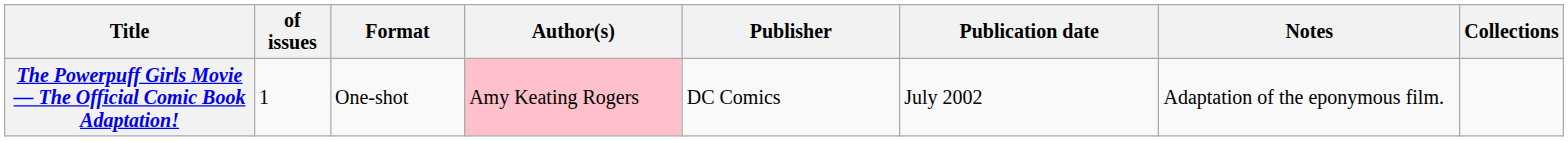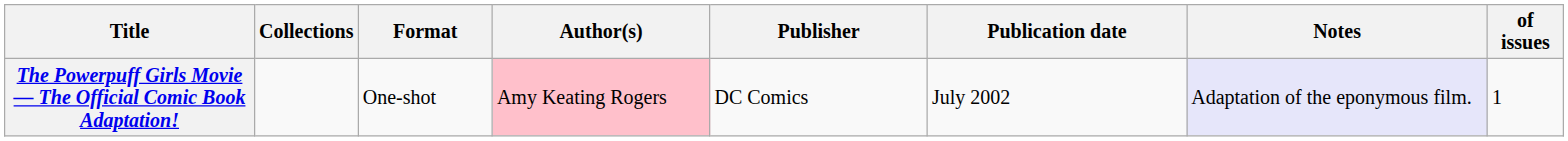 <table class="wikitable">
 <tr>
 <th>Title</th>
-<th style="width:40pt"> of issues</th>
+<th>Collections</th>
 <th style="width:75pt">Format</th>
 <th style="width:125pt">Author(s)</th>
 <th style="width:125pt">Publisher</th>
 <th style="width:150pt">Publication date</th>
 <th style="width:175pt">Notes</th>
-<th>Collections</th>
+<th style="width:40pt"> of issues</th>
 </tr>
 <tr>
 <th><em><a href='#'>The Powerpuff Girls Movie — The Official Comic Book Adaptation!</a></em></th>
-<td>1</td>
+<td></td>
 <td>One-shot</td>
 <td style="background: pink;">Amy Keating Rogers</td>
 <td>DC Comics</td>
 <td>July 2002</td>
-<td>Adaptation of the eponymous film.</td>
-<td></td>
+<td style="background: lavender;">Adaptation of the eponymous film.</td>
+<td>1</td>
 </tr>
 </table>
